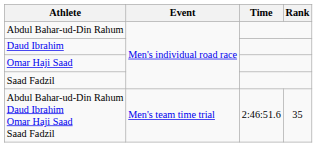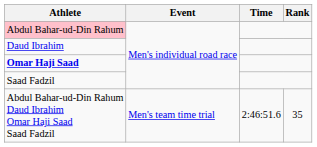 <table class=wikitable style="font-size:90%;">
 <tr>
 <th>Athlete</th>
 <th>Event</th>
 <th>Time</th>
 <th>Rank</th>
 </tr>
 <tr align=center>
-<td align=left>Abdul Bahar-ud-Din Rahum</td>
+<td align=left style="background: pink;">Abdul Bahar-ud-Din Rahum</td>
 <td align=left rowspan=4><a href='#'>Men's individual road race</a></td>
 <td colspan=2></td>
 </tr>
 <tr align=center>
 <td align=left><a href='#'>Daud Ibrahim</a></td>
 <td colspan=2></td>
 </tr>
 <tr align=center>
-<td align=left><a href='#'>Omar Haji Saad</a></td>
+<td align=left><strong><a href='#'>Omar Haji Saad</a></strong></td>
 <td colspan=2></td>
 </tr>
 <tr align=center>
 <td align=left>Saad Fadzil</td>
 <td colspan=2></td>
 </tr>
 <tr align=center>
 <td align=left>Abdul Bahar-ud-Din Rahum<br><a href='#'>Daud Ibrahim</a><br><a href='#'>Omar Haji Saad</a><br>Saad Fadzil</td>
 <td align=left><a href='#'>Men's team time trial</a></td>
 <td>2:46:51.6</td>
 <td>35</td>
 </tr>
 </table>
